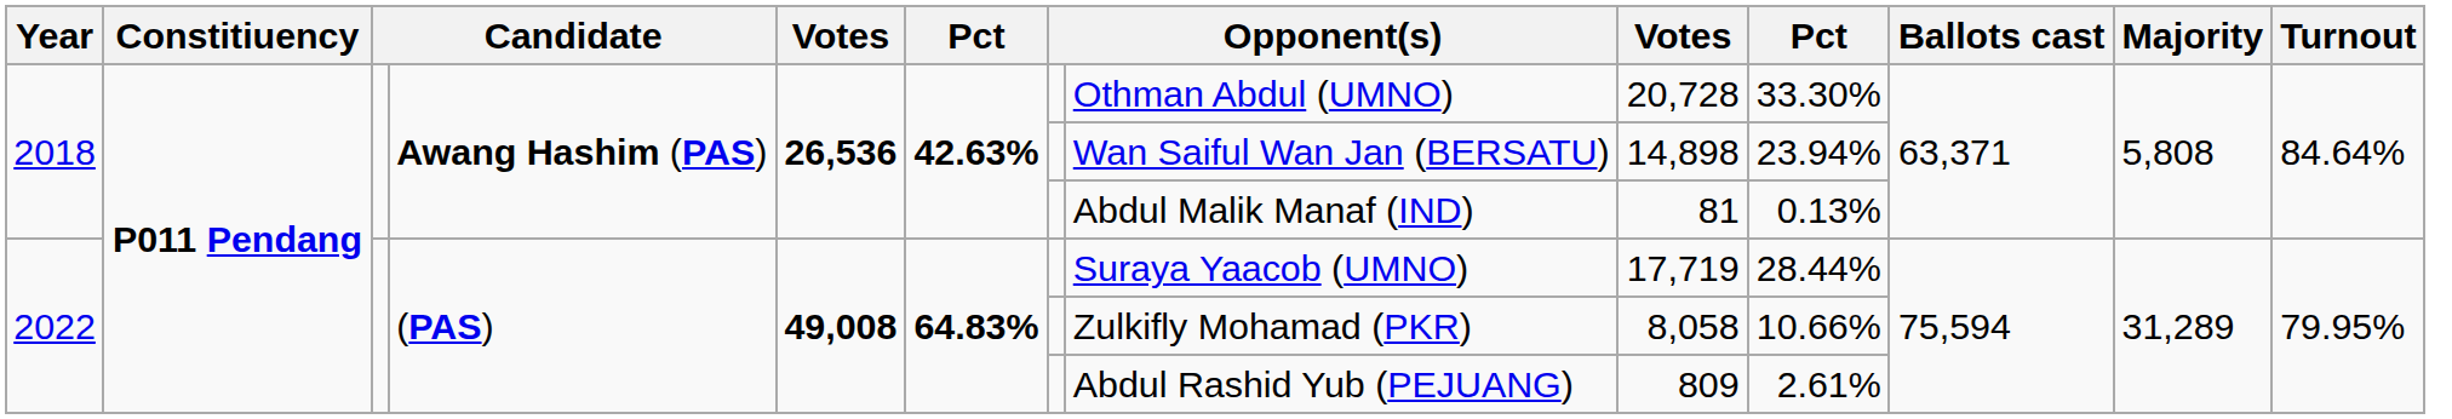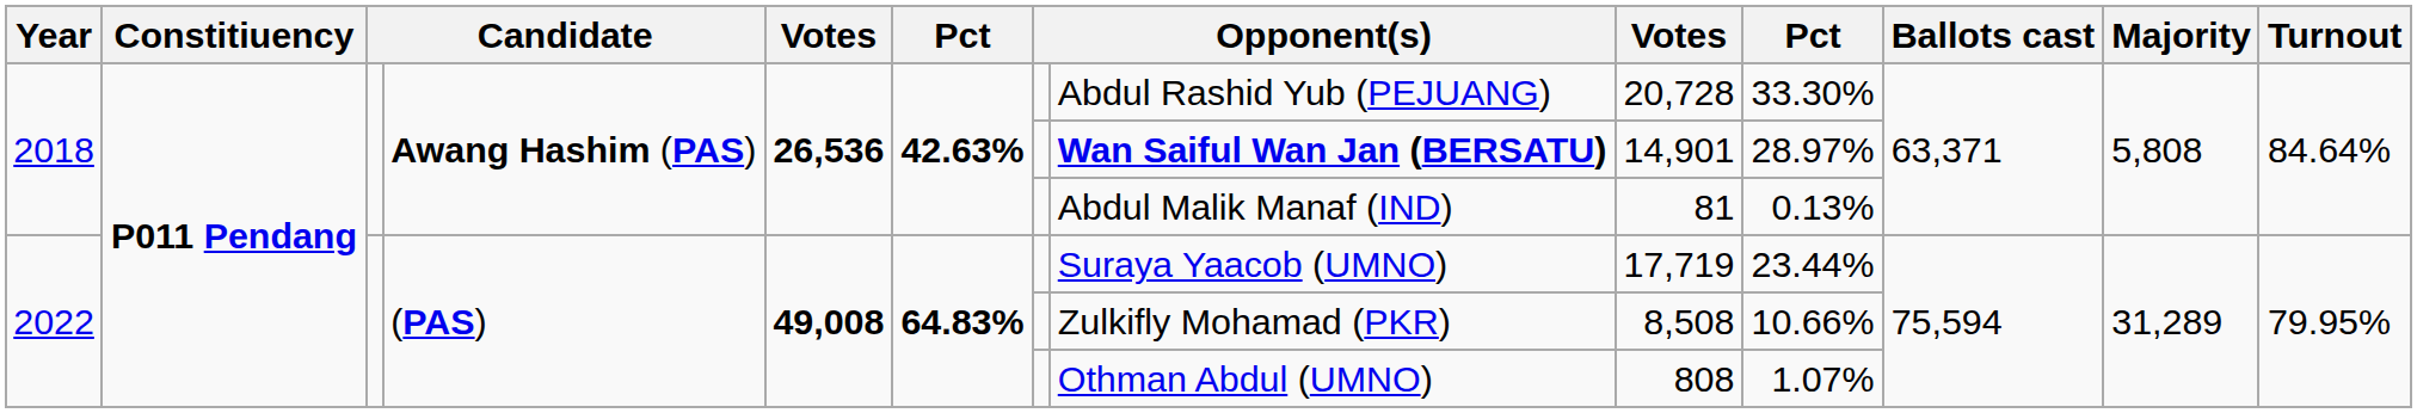 <table class="wikitable" style="margin:0.5em ; font-size:95%">
 <tr>
 <th>Year</th>
 <th>Constitiuency</th>
 <th colspan=2>Candidate</th>
 <th>Votes</th>
 <th>Pct</th>
 <th colspan=2>Opponent(s)</th>
 <th>Votes</th>
 <th>Pct</th>
 <th>Ballots cast</th>
 <th>Majority</th>
 <th>Turnout</th>
 </tr>
 <tr>
 <td rowspan=3><a href='#'>2018</a></td>
 <td rowspan=6><strong>P011 <a href='#'>Pendang</a></strong></td>
 <td rowspan=3 ></td>
 <td rowspan=3><strong>Awang Hashim</strong> (<a href='#'><strong>PAS</strong></a>)</td>
 <td rowspan=3 align="right"><strong>26,536</strong></td>
 <td rowspan=3><strong>42.63%</strong></td>
 <td></td>
-<td><a href='#'>Othman Abdul</a> (<a href='#'>UMNO</a>)</td>
+<td>Abdul Rashid Yub (<a href='#'>PEJUANG</a>)</td>
 <td align="right">20,728</td>
 <td>33.30%</td>
 <td rowspan=3>63,371</td>
 <td rowspan=3>5,808</td>
 <td rowspan=3>84.64%</td>
 </tr>
 <tr>
 <td></td>
-<td><a href='#'>Wan Saiful Wan Jan</a> (<a href='#'>BERSATU</a>)</td>
-<td align="right">14,898</td>
-<td>23.94%</td>
+<td><strong><a href='#'>Wan Saiful Wan Jan</a> (<a href='#'>BERSATU</a>)</strong></td>
+<td align="right">14,901</td>
+<td>28.97%</td>
 </tr>
 <tr>
 <td></td>
 <td>Abdul Malik Manaf (<a href='#'>IND</a>)</td>
 <td align="right">81</td>
 <td align="right">0.13%</td>
 </tr>
 <tr>
 <td rowspan=3><a href='#'>2022</a></td>
 <td rowspan=3 bgcolor=></td>
 <td rowspan=3> (<a href='#'><strong>PAS</strong></a>)</td>
 <td rowspan=3 align="right"><strong>49,008</strong></td>
 <td rowspan=3><strong>64.83%</strong></td>
 <td></td>
 <td><a href='#'>Suraya Yaacob</a> (<a href='#'>UMNO</a>)</td>
 <td align="right">17,719</td>
-<td>28.44%</td>
+<td>23.44%</td>
 <td rowspan=3>75,594</td>
 <td rowspan=3>31,289</td>
 <td rowspan=3>79.95%</td>
 </tr>
 <tr>
 <td></td>
 <td>Zulkifly Mohamad  (<a href='#'>PKR</a>)</td>
-<td align="right">8,058</td>
+<td align="right">8,508</td>
 <td>10.66%</td>
 </tr>
 <tr>
 <td bgcolor=></td>
-<td>Abdul Rashid Yub (<a href='#'>PEJUANG</a>)</td>
-<td align="right">809</td>
-<td align="right">2.61%</td>
+<td><a href='#'>Othman Abdul</a> (<a href='#'>UMNO</a>)</td>
+<td align="right">808</td>
+<td align="right">1.07%</td>
 </tr>
 </table>
